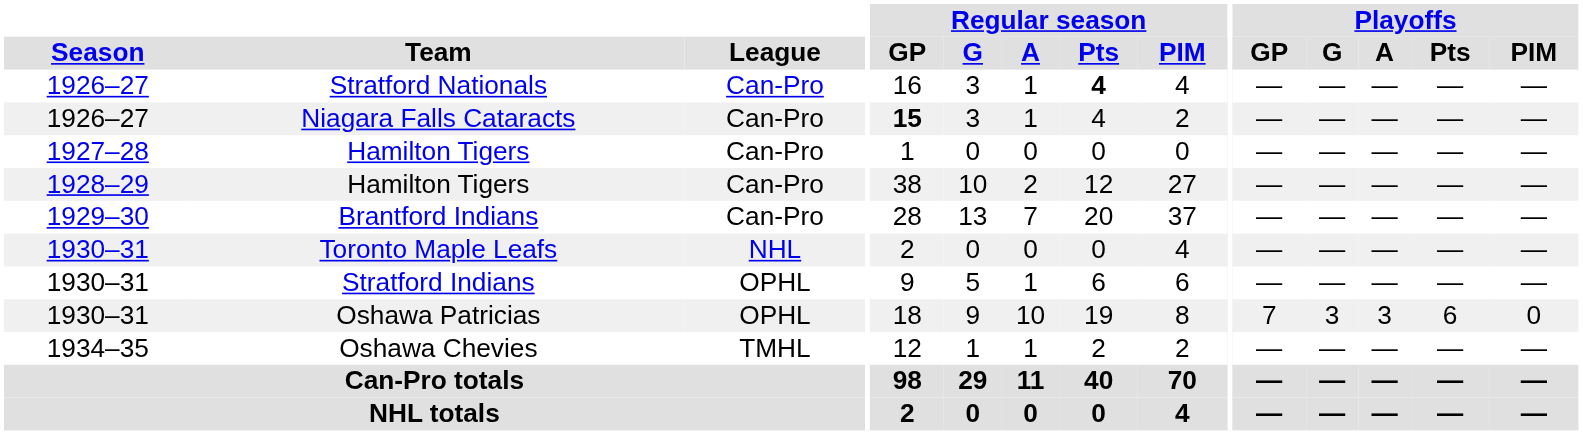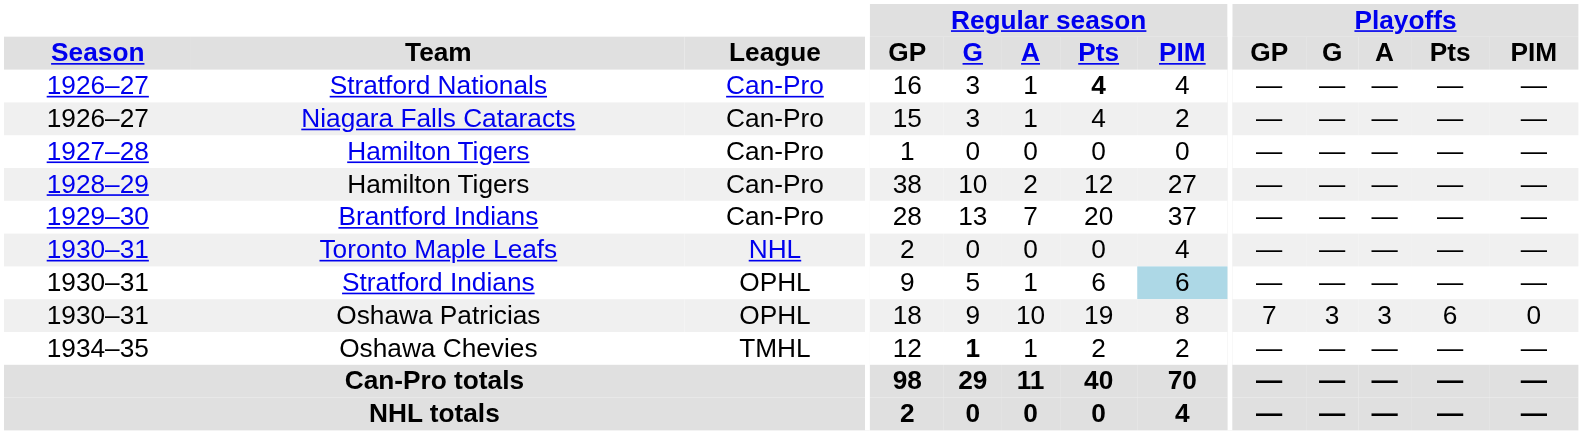 <table border="0" cellpadding="1" cellspacing="0" style="text-align:center; width:60em">
 <tr bgcolor="#e0e0e0">
 <th colspan="3" bgcolor="#ffffff"></th>
 <th rowspan="100" bgcolor="#ffffff"></th>
 <th colspan="5"><a href='#'>Regular season</a></th>
 <th rowspan="100" bgcolor="#ffffff"></th>
 <th colspan="5"><a href='#'>Playoffs</a></th>
 </tr>
 <tr bgcolor="#e0e0e0">
 <th><a href='#'>Season</a></th>
 <th>Team</th>
 <th>League</th>
 <th>GP</th>
 <th><a href='#'>G</a></th>
 <th><a href='#'>A</a></th>
 <th><a href='#'>Pts</a></th>
 <th><a href='#'>PIM</a></th>
 <th>GP</th>
 <th>G</th>
 <th>A</th>
 <th>Pts</th>
 <th>PIM</th>
 </tr>
 <tr>
 <td><a href='#'>1926–27</a></td>
 <td><a href='#'>Stratford Nationals</a></td>
 <td><a href='#'>Can-Pro</a></td>
 <td>16</td>
 <td>3</td>
 <td>1</td>
 <td><strong>4</strong></td>
 <td>4</td>
 <td>—</td>
 <td>—</td>
 <td>—</td>
 <td>—</td>
 <td>—</td>
 </tr>
 <tr bgcolor="#f0f0f0">
 <td>1926–27</td>
 <td><a href='#'>Niagara Falls Cataracts</a></td>
 <td>Can-Pro</td>
-<td><strong>15</strong></td>
+<td>15</td>
 <td>3</td>
 <td>1</td>
 <td>4</td>
 <td>2</td>
 <td>—</td>
 <td>—</td>
 <td>—</td>
 <td>—</td>
 <td>—</td>
 </tr>
 <tr>
 <td><a href='#'>1927–28</a></td>
 <td><a href='#'>Hamilton Tigers</a></td>
 <td>Can-Pro</td>
 <td>1</td>
 <td>0</td>
 <td>0</td>
 <td>0</td>
 <td>0</td>
 <td>—</td>
 <td>—</td>
 <td>—</td>
 <td>—</td>
 <td>—</td>
 </tr>
 <tr bgcolor="#f0f0f0">
 <td><a href='#'>1928–29</a></td>
 <td>Hamilton Tigers</td>
 <td>Can-Pro</td>
 <td>38</td>
 <td>10</td>
 <td>2</td>
 <td>12</td>
 <td>27</td>
 <td>—</td>
 <td>—</td>
 <td>—</td>
 <td>—</td>
 <td>—</td>
 </tr>
 <tr>
 <td><a href='#'>1929–30</a></td>
 <td><a href='#'>Brantford Indians</a></td>
 <td>Can-Pro</td>
 <td>28</td>
 <td>13</td>
 <td>7</td>
 <td>20</td>
 <td>37</td>
 <td>—</td>
 <td>—</td>
 <td>—</td>
 <td>—</td>
 <td>—</td>
 </tr>
 <tr bgcolor="#f0f0f0">
 <td><a href='#'>1930–31</a></td>
 <td><a href='#'>Toronto Maple Leafs</a></td>
 <td><a href='#'>NHL</a></td>
 <td>2</td>
 <td>0</td>
 <td>0</td>
 <td>0</td>
 <td>4</td>
 <td>—</td>
 <td>—</td>
 <td>—</td>
 <td>—</td>
 <td>—</td>
 </tr>
 <tr>
 <td>1930–31</td>
 <td><a href='#'>Stratford Indians</a></td>
 <td>OPHL</td>
 <td>9</td>
 <td>5</td>
 <td>1</td>
 <td>6</td>
-<td>6</td>
+<td style="background: lightblue;">6</td>
 <td>—</td>
 <td>—</td>
 <td>—</td>
 <td>—</td>
 <td>—</td>
 </tr>
 <tr bgcolor="#f0f0f0">
 <td>1930–31</td>
 <td>Oshawa Patricias</td>
 <td>OPHL</td>
 <td>18</td>
 <td>9</td>
 <td>10</td>
 <td>19</td>
 <td>8</td>
 <td>7</td>
 <td>3</td>
 <td>3</td>
 <td>6</td>
 <td>0</td>
 </tr>
 <tr>
 <td>1934–35</td>
 <td>Oshawa Chevies</td>
 <td>TMHL</td>
 <td>12</td>
-<td>1</td>
+<td><strong>1</strong></td>
 <td>1</td>
 <td>2</td>
 <td>2</td>
 <td>—</td>
 <td>—</td>
 <td>—</td>
 <td>—</td>
 <td>—</td>
 </tr>
 <tr bgcolor="#e0e0e0">
 <th colspan="3">Can-Pro totals</th>
 <th>98</th>
 <th>29</th>
 <th>11</th>
 <th>40</th>
 <th>70</th>
 <th>—</th>
 <th>—</th>
 <th>—</th>
 <th>—</th>
 <th>—</th>
 </tr>
 <tr bgcolor="#e0e0e0">
 <th colspan="3">NHL totals</th>
 <th>2</th>
 <th>0</th>
 <th>0</th>
 <th>0</th>
 <th>4</th>
 <th>—</th>
 <th>—</th>
 <th>—</th>
 <th>—</th>
 <th>—</th>
 </tr>
 </table>
